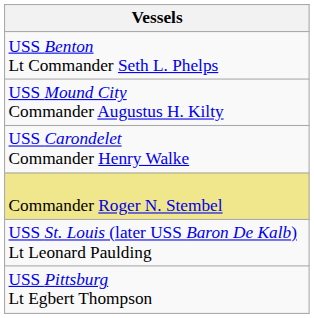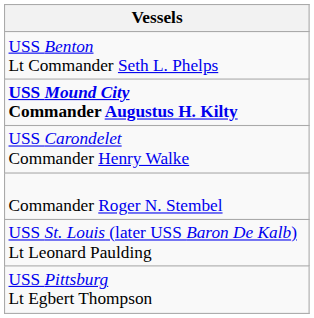 <table class="wikitable">
 <tr>
 <th><strong>Vessels</strong></th>
 </tr>
 <tr>
 <td><a href='#'>USS <em>Benton</em></a>  <br>Lt Commander <a href='#'>Seth L. Phelps</a></td>
 </tr>
 <tr>
-<td><a href='#'>USS <em>Mound City</em></a>  <br>Commander <a href='#'>Augustus H. Kilty</a></td>
+<td><strong><a href='#'>USS <em>Mound City</em></a>  <br>Commander <a href='#'>Augustus H. Kilty</a></strong></td>
 </tr>
 <tr>
 <td><a href='#'>USS <em>Carondelet</em></a>  <br>Commander <a href='#'>Henry Walke</a></td>
 </tr>
 <tr>
-<td style="background: khaki;">  <br>Commander <a href='#'>Roger N. Stembel</a></td>
+<td>  <br>Commander <a href='#'>Roger N. Stembel</a></td>
 </tr>
 <tr>
 <td><a href='#'>USS <em>St. Louis</em> (later USS <em>Baron De Kalb</em>)</a>  <br>Lt Leonard Paulding</td>
 </tr>
 <tr>
 <td><a href='#'>USS <em>Pittsburg</em></a>  <br>Lt Egbert Thompson</td>
 </tr>
 </table>
